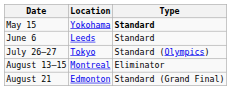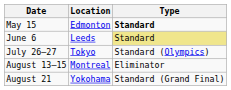 <table class="wikitable “wikitable”" style="“display:inline-table;”">
 <tr>
 <th>Date</th>
 <th>Location</th>
 <th>Type</th>
 </tr>
 <tr>
 <td>May 15</td>
-<td> <a href='#'>Yokohama</a></td>
+<td> <a href='#'>Edmonton</a></td>
 <td><strong>Standard</strong></td>
 </tr>
 <tr>
 <td>June 6</td>
 <td> <a href='#'>Leeds</a></td>
-<td>Standard</td>
+<td style="background: khaki;">Standard</td>
 </tr>
 <tr>
 <td>July 26–27</td>
 <td> <a href='#'>Tokyo</a></td>
 <td>Standard (<a href='#'>Olympics</a>)</td>
 </tr>
 <tr>
 <td>August 13–15</td>
 <td> <a href='#'>Montreal</a></td>
 <td>Eliminator</td>
 </tr>
 <tr>
 <td>August 21</td>
-<td> <a href='#'>Edmonton</a></td>
+<td> <a href='#'>Yokohama</a></td>
 <td>Standard (Grand Final)</td>
 </tr>
 </table>
